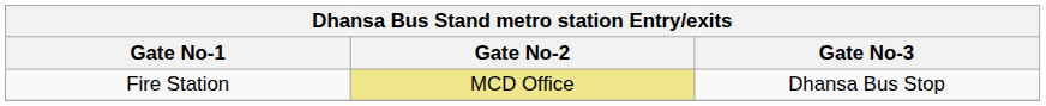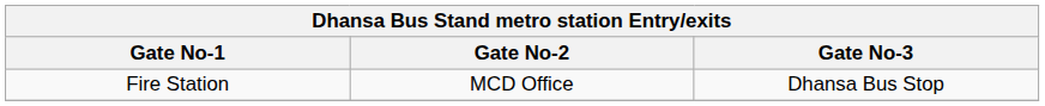 <table class="wikitable" style="text-align: center;" width="65%">
 <tr>
 <th align="center" colspan="5" style="background:#"><span>Dhansa Bus Stand metro station Entry/exits</span></th>
 </tr>
 <tr>
 <th style="width:15%;">Gate No-1 </th>
 <th style="width:15%;">Gate No-2 </th>
 <th style="width:15%;">Gate No-3 </th>
 </tr>
 <tr>
 <td>Fire Station</td>
-<td style="background: khaki;">MCD Office</td>
+<td>MCD Office</td>
 <td>Dhansa Bus Stop</td>
 </tr>
 <tr>
 </tr>
 </table>
